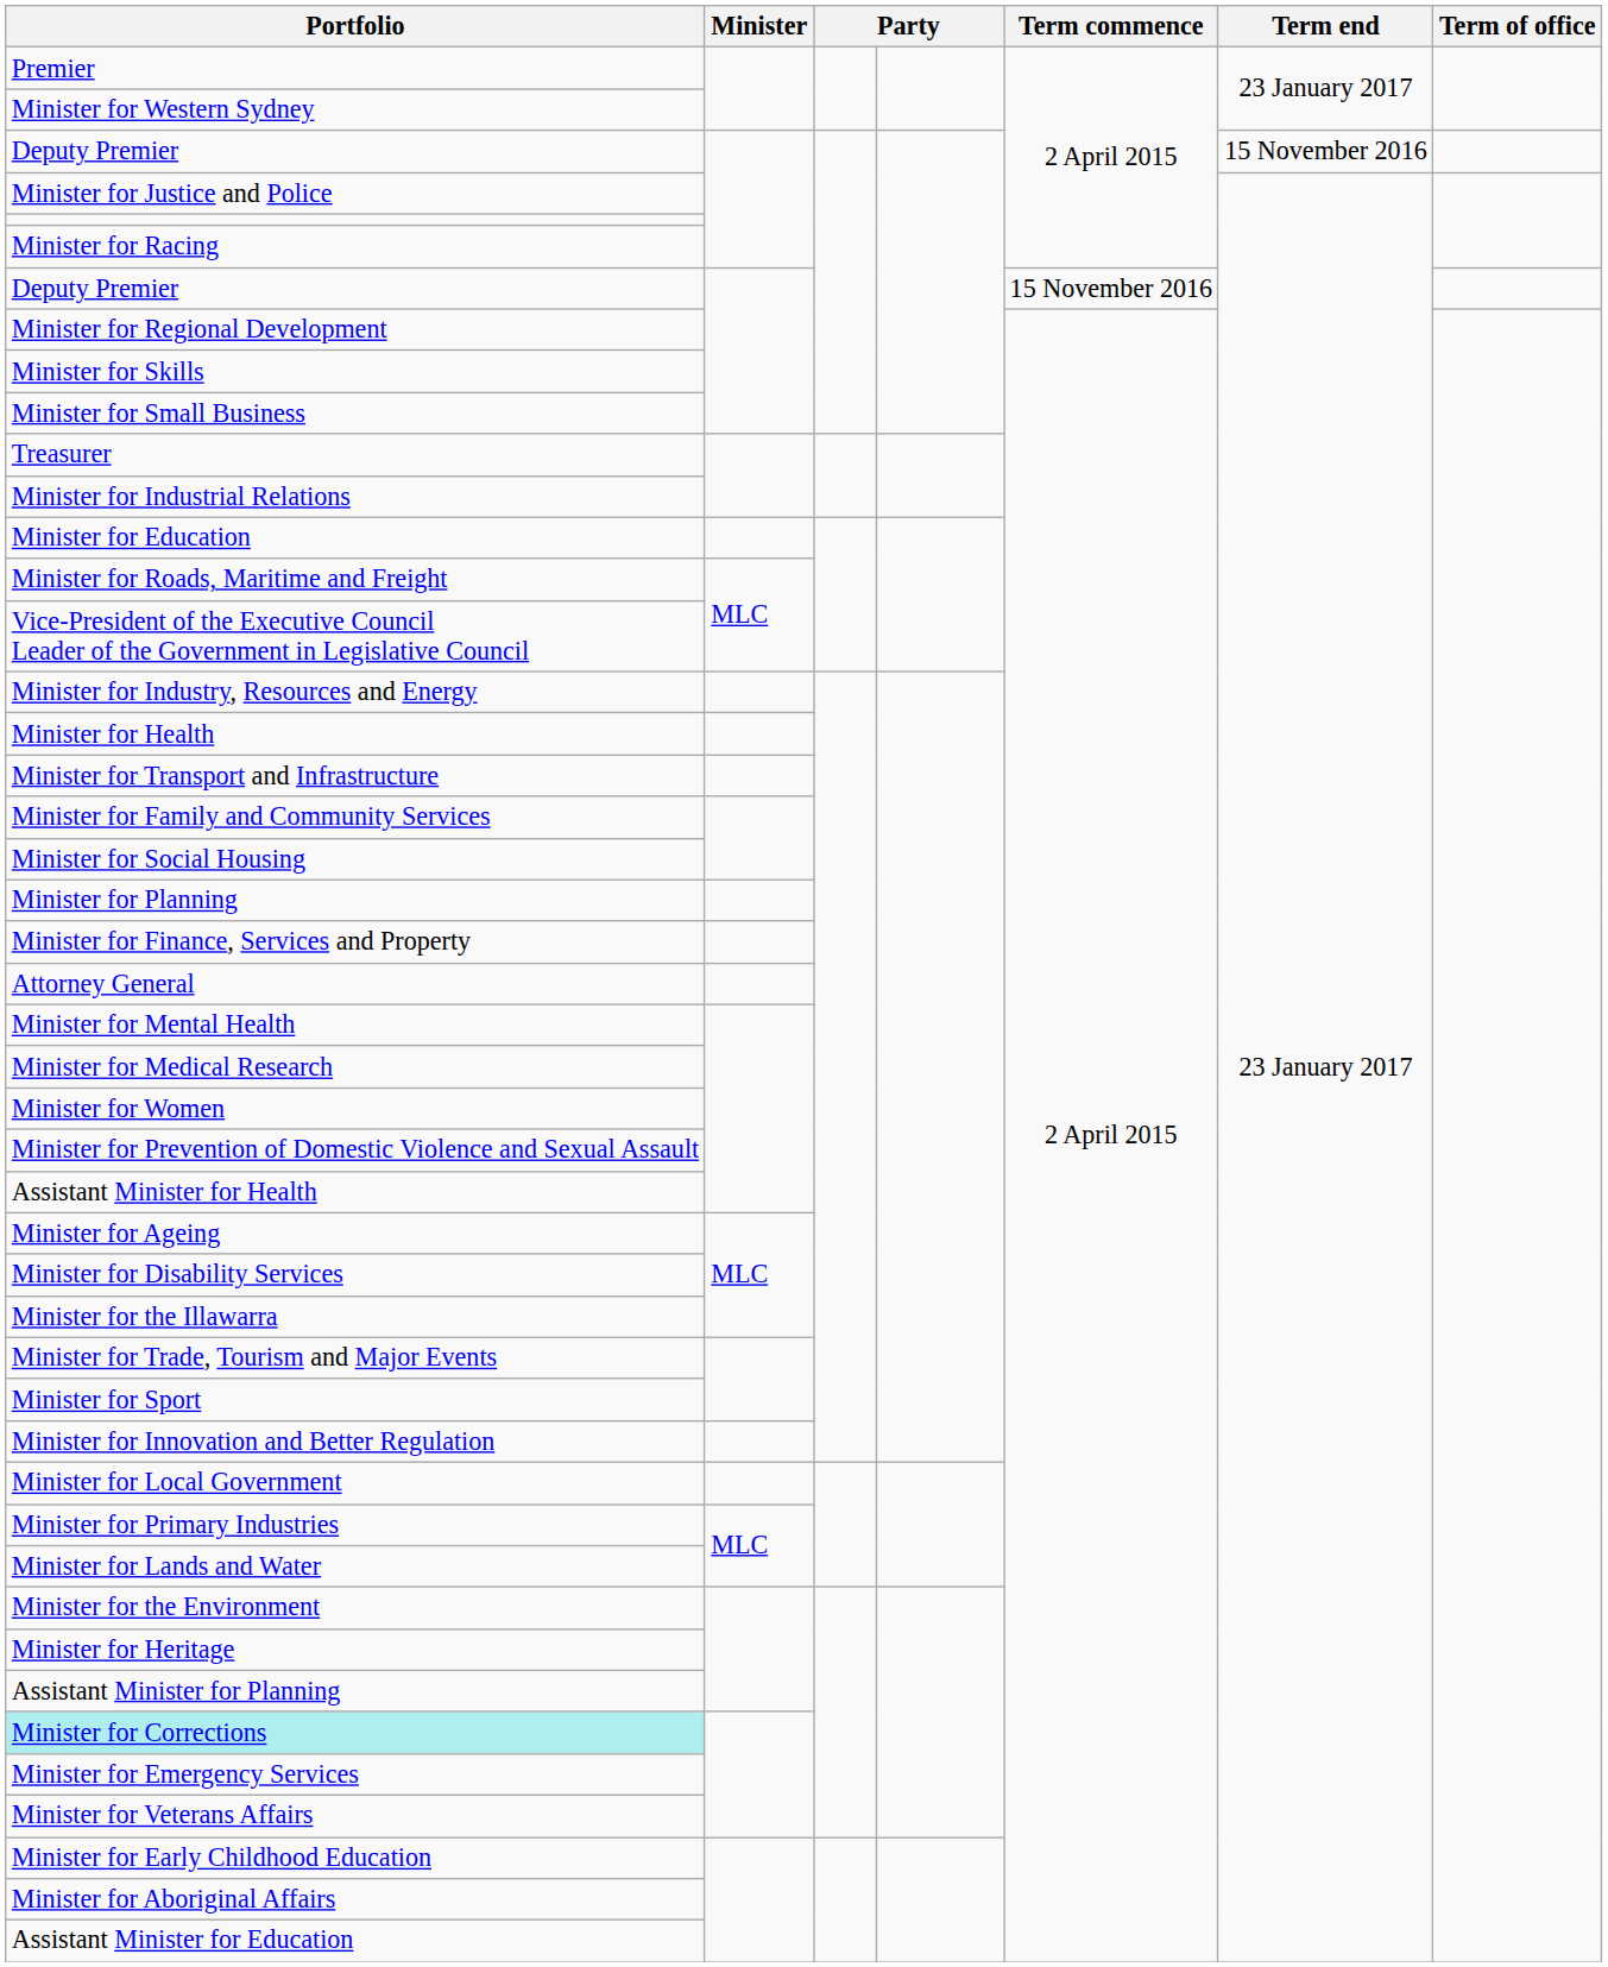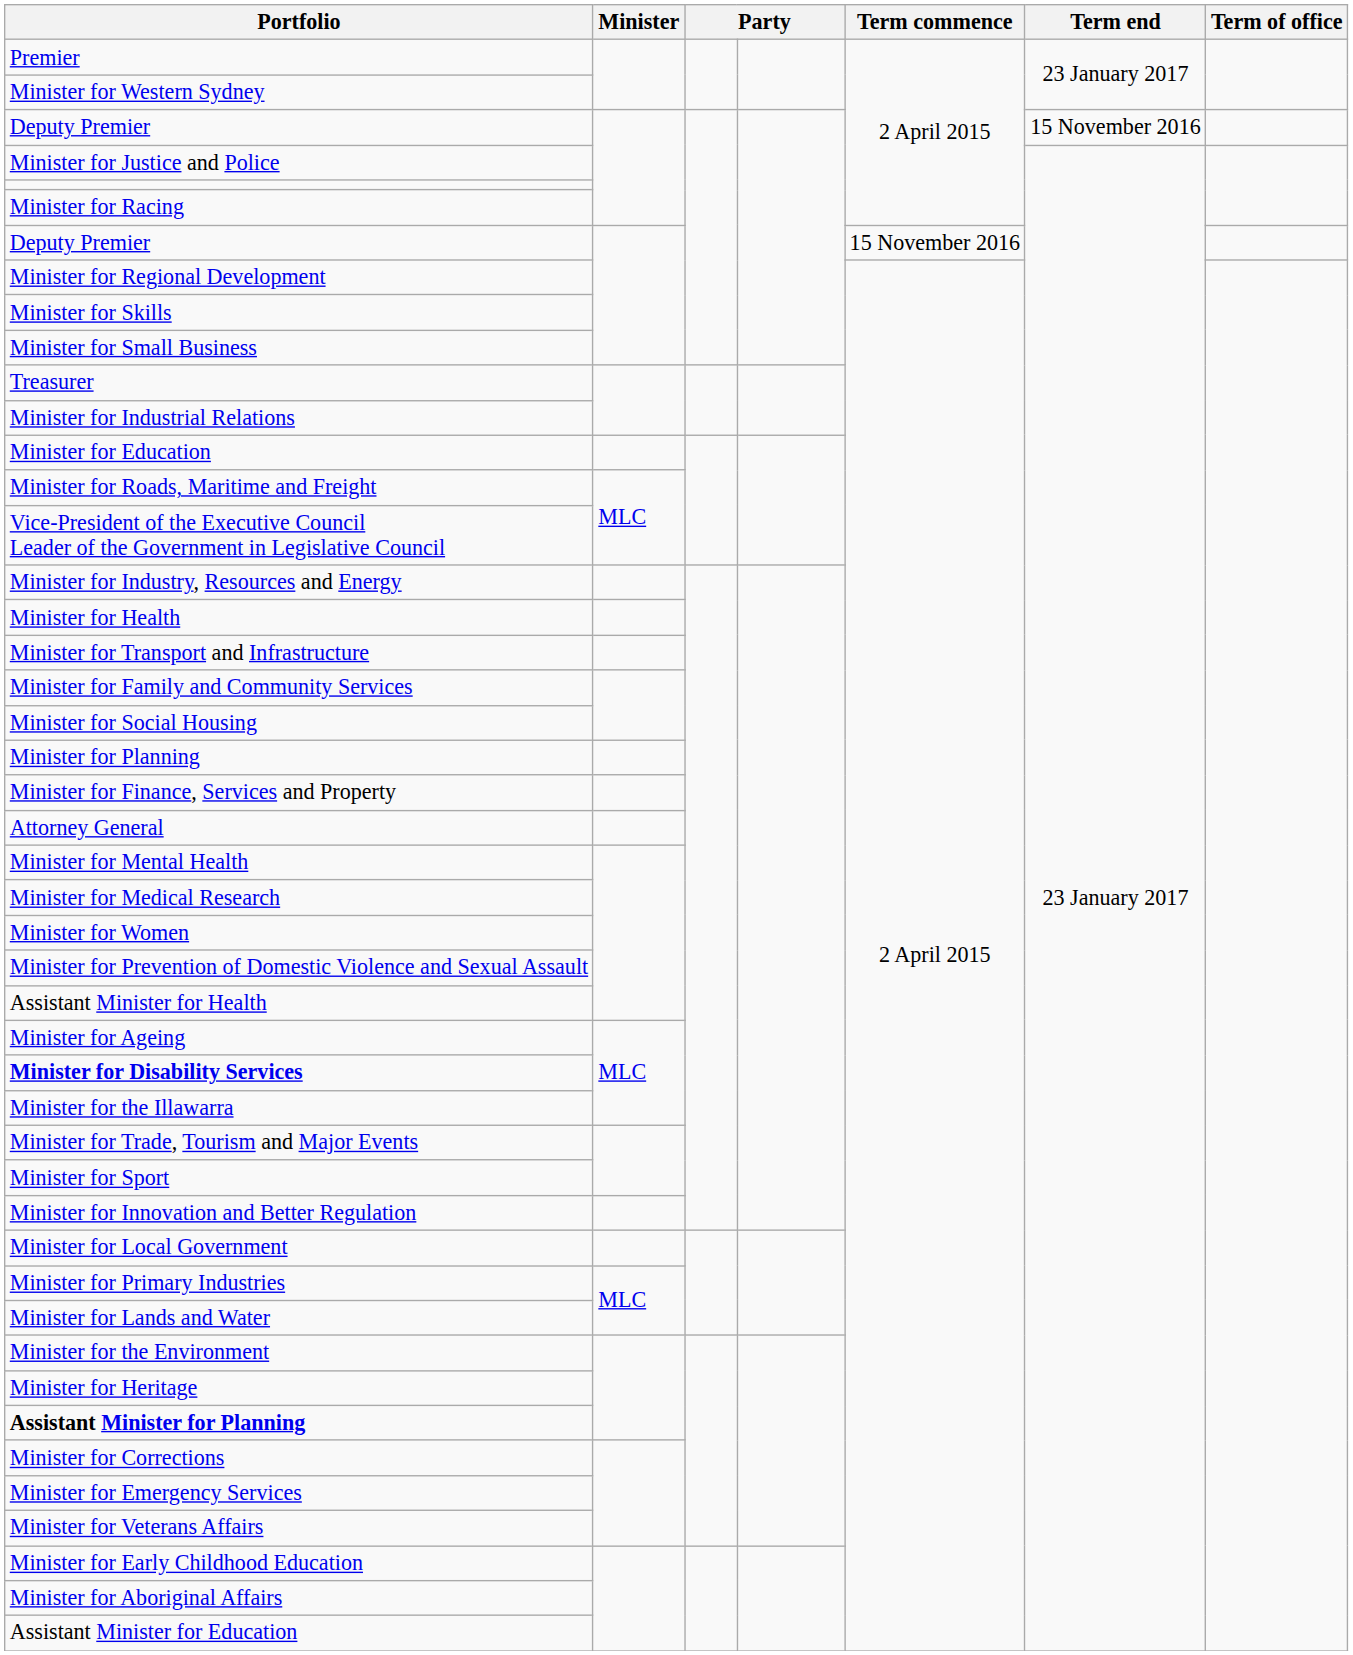 <table class="wikitable sortable">
 <tr>
 <th>Portfolio</th>
 <th>Minister</th>
 <th colspan=2>Party</th>
 <th>Term commence</th>
 <th>Term end</th>
 <th>Term of office</th>
 </tr>
 <tr>
 <td><a href='#'>Premier</a></td>
 <td rowspan=2></td>
 <td rowspan=2 > </td>
 <td rowspan=2 width=8%></td>
 <td rowspan=6 align=center>2 April 2015</td>
 <td rowspan=2 align=center>23 January 2017</td>
 <td rowspan=2 align=right></td>
 </tr>
 <tr>
 <td><a href='#'>Minister for Western Sydney</a></td>
 </tr>
 <tr>
 <td><a href='#'>Deputy Premier</a></td>
 <td rowspan=4></td>
 <td rowspan=8 > </td>
 <td rowspan=8></td>
 <td align=center>15 November 2016</td>
 <td align=right></td>
 </tr>
 <tr>
 <td><a href='#'>Minister for Justice</a> and <a href='#'>Police</a></td>
 <td rowspan=43 align=center>23 January 2017</td>
 <td rowspan="3" align=right></td>
 </tr>
 <tr>
 <td></td>
 </tr>
 <tr>
 <td><a href='#'>Minister for Racing</a></td>
 </tr>
 <tr>
 <td><a href='#'>Deputy Premier</a></td>
 <td rowspan=4></td>
 <td align=center>15 November 2016</td>
 <td align=right></td>
 </tr>
 <tr>
 <td><a href='#'>Minister for Regional Development</a></td>
 <td rowspan=39 align=center>2 April 2015</td>
 <td rowspan=39 align=right></td>
 </tr>
 <tr>
 <td><a href='#'>Minister for Skills</a></td>
 </tr>
 <tr>
 <td><a href='#'>Minister for Small Business</a></td>
 </tr>
 <tr>
 <td><a href='#'>Treasurer</a></td>
 <td rowspan=2></td>
 <td rowspan=2 > </td>
 <td rowspan=2></td>
 </tr>
 <tr>
 <td><a href='#'>Minister for Industrial Relations</a></td>
 </tr>
 <tr>
 <td><a href='#'>Minister for Education</a></td>
 <td></td>
 <td rowspan=3 > </td>
 <td rowspan=3></td>
 </tr>
 <tr>
 <td><a href='#'>Minister for Roads, Maritime and Freight</a></td>
 <td rowspan=2> <a href='#'>MLC</a></td>
 </tr>
 <tr>
 <td><a href='#'>Vice-President of the Executive Council</a><br><a href='#'>Leader of the Government in Legislative Council</a></td>
 </tr>
 <tr>
 <td><a href='#'>Minister for Industry</a>, <a href='#'>Resources</a> and <a href='#'>Energy</a></td>
 <td></td>
 <td rowspan="19" > </td>
 <td rowspan="19"></td>
 </tr>
 <tr>
 <td><a href='#'>Minister for Health</a></td>
 <td></td>
 </tr>
 <tr>
 <td><a href='#'>Minister for Transport</a> and <a href='#'>Infrastructure</a></td>
 <td></td>
 </tr>
 <tr>
 <td><a href='#'>Minister for Family and Community Services</a></td>
 <td rowspan=2></td>
 </tr>
 <tr>
 <td><a href='#'>Minister for Social Housing</a></td>
 </tr>
 <tr>
 <td><a href='#'>Minister for Planning</a></td>
 <td></td>
 </tr>
 <tr>
 <td><a href='#'>Minister for Finance</a>, <a href='#'>Services</a> and Property</td>
 <td></td>
 </tr>
 <tr>
 <td><a href='#'>Attorney General</a></td>
 <td></td>
 </tr>
 <tr>
 <td><a href='#'>Minister for Mental Health</a></td>
 <td rowspan=5></td>
 </tr>
 <tr>
 <td><a href='#'>Minister for Medical Research</a></td>
 </tr>
 <tr>
 <td><a href='#'>Minister for Women</a></td>
 </tr>
 <tr>
 <td><a href='#'>Minister for Prevention of Domestic Violence and Sexual Assault</a></td>
 </tr>
 <tr>
 <td>Assistant <a href='#'>Minister for Health</a></td>
 </tr>
 <tr>
 <td><a href='#'>Minister for Ageing</a></td>
 <td rowspan=3> <a href='#'>MLC</a></td>
 </tr>
 <tr>
-<td><a href='#'>Minister for Disability Services</a></td>
+<td><strong><a href='#'>Minister for Disability Services</a></strong></td>
 </tr>
 <tr>
 <td><a href='#'>Minister for the Illawarra</a></td>
 </tr>
 <tr>
 <td><a href='#'>Minister for Trade</a>, <a href='#'>Tourism</a> and <a href='#'>Major Events</a></td>
 <td rowspan=2></td>
 </tr>
 <tr>
 <td><a href='#'>Minister for Sport</a></td>
 </tr>
 <tr>
 <td><a href='#'>Minister for Innovation and Better Regulation</a></td>
 <td></td>
 </tr>
 <tr>
 <td><a href='#'>Minister for Local Government</a></td>
 <td></td>
 <td rowspan=3 > </td>
 <td rowspan=3></td>
 </tr>
 <tr>
 <td><a href='#'>Minister for Primary Industries</a></td>
 <td rowspan=2> <a href='#'>MLC</a></td>
 </tr>
 <tr>
 <td><a href='#'>Minister for Lands and Water</a></td>
 </tr>
 <tr>
 <td><a href='#'>Minister for the Environment</a></td>
 <td rowspan=3></td>
 <td rowspan=6 > </td>
 <td rowspan=6></td>
 </tr>
 <tr>
 <td><a href='#'>Minister for Heritage</a></td>
 </tr>
 <tr>
-<td>Assistant <a href='#'>Minister for Planning</a></td>
+<td><strong>Assistant <a href='#'>Minister for Planning</a></strong></td>
 </tr>
 <tr>
-<td style="background: paleturquoise;"><a href='#'>Minister for Corrections</a></td>
+<td><a href='#'>Minister for Corrections</a></td>
 <td rowspan=3></td>
 </tr>
 <tr>
 <td><a href='#'>Minister for Emergency Services</a></td>
 </tr>
 <tr>
 <td><a href='#'>Minister for Veterans Affairs</a></td>
 </tr>
 <tr>
 <td><a href='#'>Minister for Early Childhood Education</a></td>
 <td rowspan=3></td>
 <td rowspan=3 > </td>
 <td rowspan=3></td>
 </tr>
 <tr>
 <td><a href='#'>Minister for Aboriginal Affairs</a></td>
 </tr>
 <tr>
 <td>Assistant <a href='#'>Minister for Education</a></td>
 </tr>
 </table>
